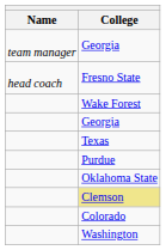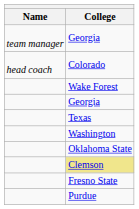 <table class="wikitable sortable">
 <tr>
 <th colspan=2></th>
 </tr>
 <tr>
 <th>Name</th>
 <th>College</th>
 </tr>
 <tr>
 <td><br><em>team manager</em></td>
 <td><a href='#'>Georgia</a></td>
 </tr>
 <tr>
 <td><br><em>head coach</em></td>
-<td><a href='#'>Fresno State</a></td>
+<td><a href='#'>Colorado</a></td>
 </tr>
 <tr>
 <td></td>
 <td><a href='#'>Wake Forest</a></td>
 </tr>
 <tr>
 <td></td>
 <td><a href='#'>Georgia</a></td>
 </tr>
 <tr>
 <td></td>
 <td><a href='#'>Texas</a></td>
 </tr>
 <tr>
 <td></td>
-<td><a href='#'>Purdue</a></td>
+<td><a href='#'>Washington</a></td>
 </tr>
 <tr>
 <td></td>
 <td><a href='#'>Oklahoma State</a></td>
 </tr>
 <tr>
 <td></td>
 <td style="background: khaki;"><a href='#'>Clemson</a></td>
 </tr>
 <tr>
 <td></td>
-<td><a href='#'>Colorado</a></td>
+<td><a href='#'>Fresno State</a></td>
 </tr>
 <tr>
 <td></td>
-<td><a href='#'>Washington</a></td>
+<td><a href='#'>Purdue</a></td>
 </tr>
 </table>
